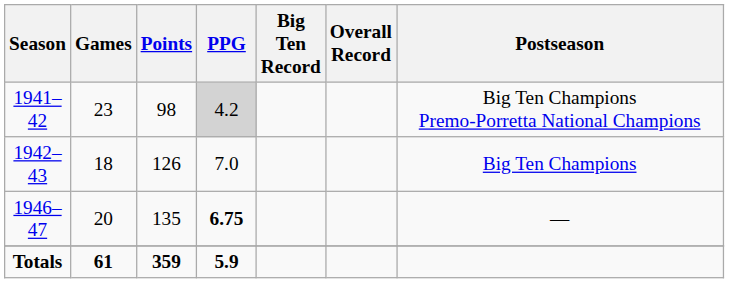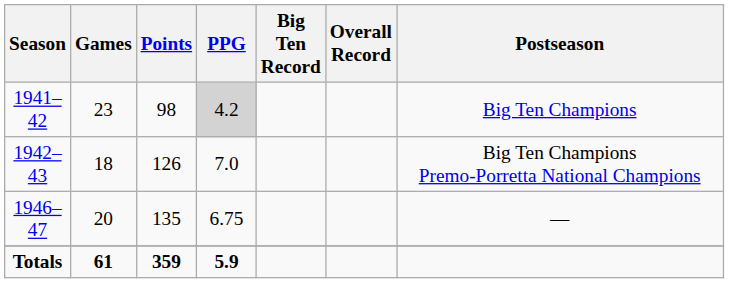 <table class="wikitable sortable" style="text-align:center; font-size:95%">
 <tr>
 <th width=40px>Season</th>
 <th width=40px>Games</th>
 <th width=40px><a href='#'>Points</a></th>
 <th width=40px><a href='#'>PPG</a></th>
 <th width=40px>Big Ten <br>Record</th>
 <th width=40px>Overall <br>Record</th>
 <th width=250px>Postseason</th>
 </tr>
 <tr>
 <td><a href='#'>1941–42</a></td>
 <td>23</td>
 <td>98</td>
 <td style="background: lightgrey;">4.2</td>
 <td></td>
 <td></td>
-<td>Big Ten Champions<br><a href='#'>Premo-Porretta National Champions</a></td>
+<td><a href='#'>Big Ten Champions</a></td>
 </tr>
 <tr>
 <td><a href='#'>1942–43</a></td>
 <td>18</td>
 <td>126</td>
 <td>7.0</td>
 <td></td>
 <td></td>
-<td><a href='#'>Big Ten Champions</a></td>
+<td>Big Ten Champions<br><a href='#'>Premo-Porretta National Champions</a></td>
 </tr>
 <tr>
 <td><a href='#'>1946–47</a></td>
 <td>20</td>
 <td>135</td>
-<td><strong>6.75</strong></td>
+<td>6.75</td>
 <td></td>
 <td></td>
 <td>—</td>
 </tr>
 <tr>
 </tr>
 <tr class="sortbottom">
 <td><strong>Totals</strong></td>
 <td><strong>61</strong></td>
 <td><strong>359</strong></td>
 <td><strong>5.9</strong></td>
 <td><strong></strong></td>
 <td><strong></strong></td>
 <td></td>
 </tr>
 </table>
